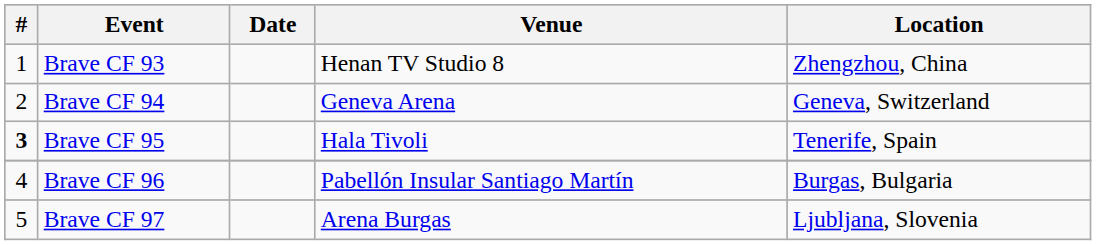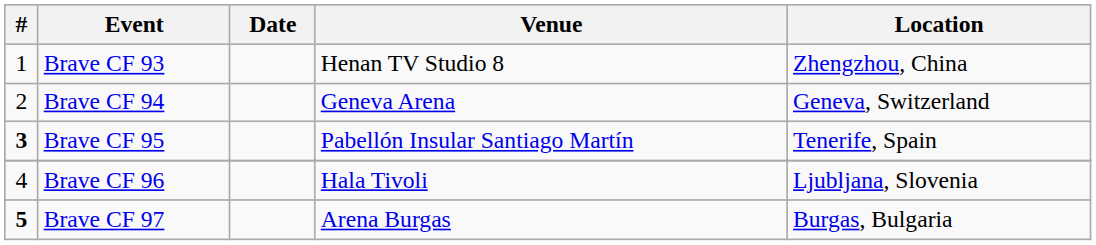 <table class="wikitable" style="width:75%; font-size:90%;">
 <tr>
 <th scope="col">#</th>
 <th scope="col">Event</th>
 <th scope="col">Date</th>
 <th scope="col">Venue</th>
 <th scope="col">Location</th>
 </tr>
 <tr>
 <td align=center>1</td>
 <td><a href='#'>Brave CF 93</a></td>
 <td></td>
 <td>Henan TV Studio 8</td>
 <td><a href='#'>Zhengzhou</a>, China</td>
 </tr>
 <tr>
 <td align=center>2</td>
 <td><a href='#'>Brave CF 94</a></td>
 <td></td>
 <td><a href='#'>Geneva Arena</a></td>
 <td><a href='#'>Geneva</a>, Switzerland</td>
 </tr>
 <tr>
 <td align=center><strong>3</strong></td>
 <td><a href='#'>Brave CF 95</a></td>
 <td></td>
-<td><a href='#'>Hala Tivoli</a></td>
+<td><a href='#'>Pabellón Insular Santiago Martín</a></td>
 <td><a href='#'>Tenerife</a>, Spain</td>
 </tr>
 <tr>
 </tr>
 <tr>
 <td align=center>4</td>
 <td><a href='#'>Brave CF 96</a></td>
 <td></td>
-<td><a href='#'>Pabellón Insular Santiago Martín</a></td>
-<td><a href='#'>Burgas</a>, Bulgaria</td>
+<td><a href='#'>Hala Tivoli</a></td>
+<td><a href='#'>Ljubljana</a>, Slovenia</td>
 </tr>
 <tr>
-<td align=center>5</td>
+<td align=center><strong>5</strong></td>
 <td><a href='#'>Brave CF 97</a></td>
 <td></td>
 <td><a href='#'>Arena Burgas</a></td>
-<td><a href='#'>Ljubljana</a>, Slovenia</td>
+<td><a href='#'>Burgas</a>, Bulgaria</td>
 </tr>
 </table>
